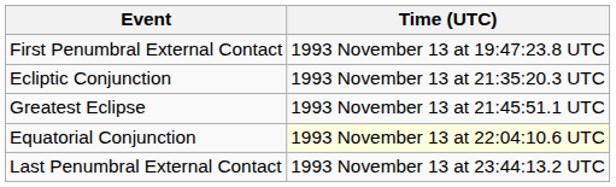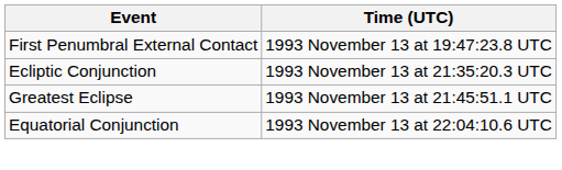 <table class="wikitable">
 <tr>
 <th>Event</th>
 <th>Time (UTC)</th>
 </tr>
 <tr>
 <td>First Penumbral External Contact</td>
 <td>1993 November 13 at 19:47:23.8 UTC</td>
 </tr>
 <tr>
 <td>Ecliptic Conjunction</td>
 <td>1993 November 13 at 21:35:20.3 UTC</td>
 </tr>
 <tr>
 <td>Greatest Eclipse</td>
 <td>1993 November 13 at 21:45:51.1 UTC</td>
 </tr>
 <tr>
 <td>Equatorial Conjunction</td>
-<td style="background: lightyellow;">1993 November 13 at 22:04:10.6 UTC</td>
-</tr>
-<tr>
-<td>Last Penumbral External Contact</td>
-<td>1993 November 13 at 23:44:13.2 UTC</td>
+<td>1993 November 13 at 22:04:10.6 UTC</td>
 </tr>
 </table>
